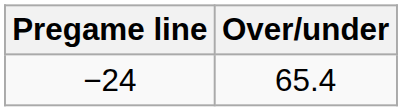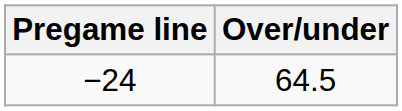 <table class="wikitable" style="margin-left: auto; margin-right: auto; border: none; display: inline-table;">
 <tr align="center">
 <th style=>Pregame line</th>
 <th style=>Over/under</th>
 </tr>
 <tr align="center">
 <td>−24</td>
-<td>65.4</td>
+<td>64.5</td>
 </tr>
 </table>
